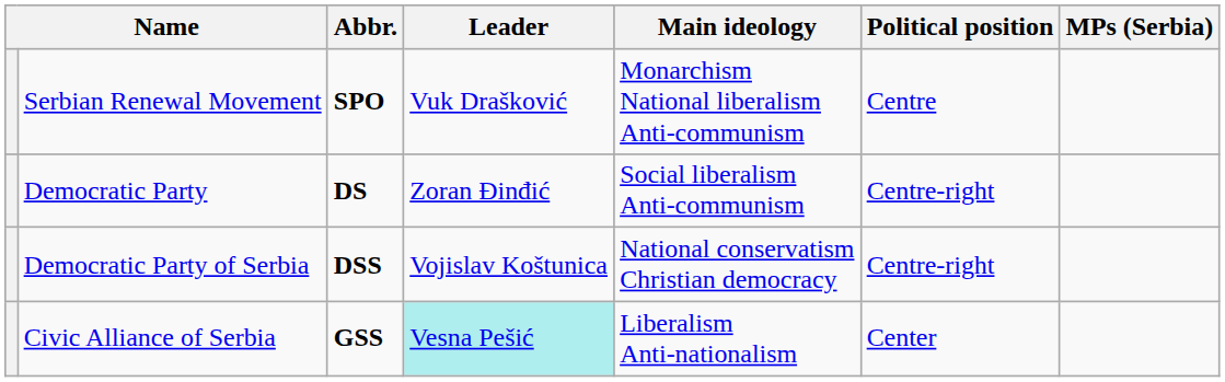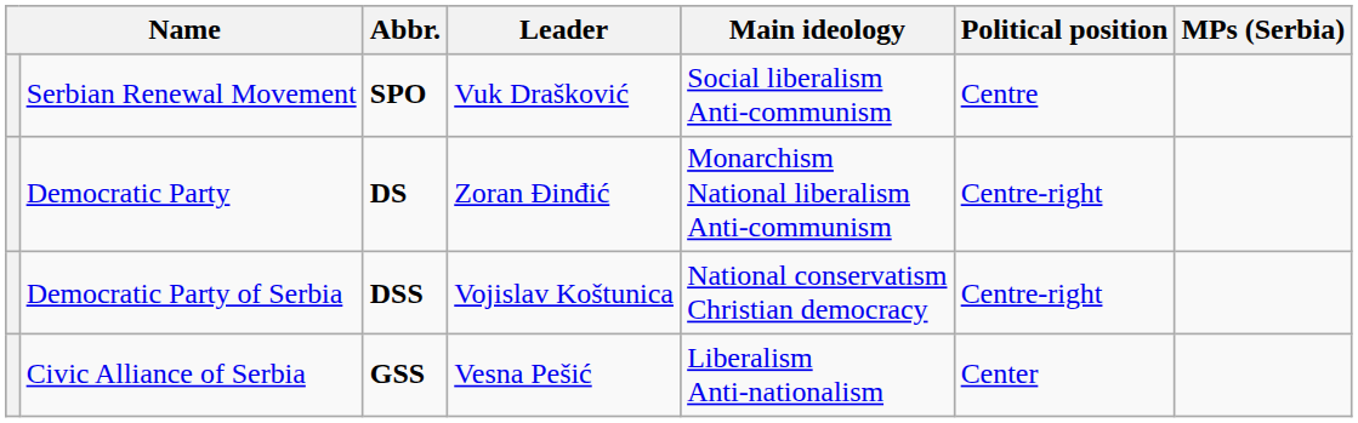 <table class="wikitable" style="text-align; font-size:90%;">
 <tr>
 <th colspan="2">Name</th>
 <th>Abbr.</th>
 <th>Leader</th>
 <th>Main ideology</th>
 <th>Political position</th>
 <th>MPs (Serbia)</th>
 </tr>
 <tr>
 <th style="background-color:"></th>
 <td><a href='#'>Serbian Renewal Movement</a><br></td>
 <td><strong>SPO</strong></td>
 <td><a href='#'>Vuk Drašković</a></td>
-<td><a href='#'>Monarchism</a><br><a href='#'>National liberalism</a><br><a href='#'>Anti-communism</a></td>
+<td><a href='#'>Social liberalism</a><br><a href='#'>Anti-communism</a></td>
 <td><a href='#'>Centre</a></td>
 <td></td>
 </tr>
 <tr>
 <th style="background-color:"></th>
 <td><a href='#'>Democratic Party</a><br></td>
 <td><strong>DS</strong></td>
 <td><a href='#'>Zoran Đinđić</a></td>
-<td><a href='#'>Social liberalism</a><br><a href='#'>Anti-communism</a></td>
+<td><a href='#'>Monarchism</a><br><a href='#'>National liberalism</a><br><a href='#'>Anti-communism</a></td>
 <td><a href='#'>Centre-right</a></td>
 <td></td>
 </tr>
 <tr>
 <th style="background-color:"></th>
 <td><a href='#'>Democratic Party of Serbia</a><br></td>
 <td><strong>DSS</strong></td>
 <td><a href='#'>Vojislav Koštunica</a></td>
 <td><a href='#'>National conservatism</a><br><a href='#'>Christian democracy</a></td>
 <td><a href='#'>Centre-right</a></td>
 <td></td>
 </tr>
 <tr>
 <th style="background-color:"></th>
 <td><a href='#'>Civic Alliance of Serbia</a><br></td>
 <td><strong>GSS</strong></td>
-<td style="background: paleturquoise;"><a href='#'>Vesna Pešić</a></td>
+<td><a href='#'>Vesna Pešić</a></td>
 <td><a href='#'>Liberalism</a><br><a href='#'>Anti-nationalism</a></td>
 <td><a href='#'>Center</a></td>
 <td></td>
 </tr>
 </table>
